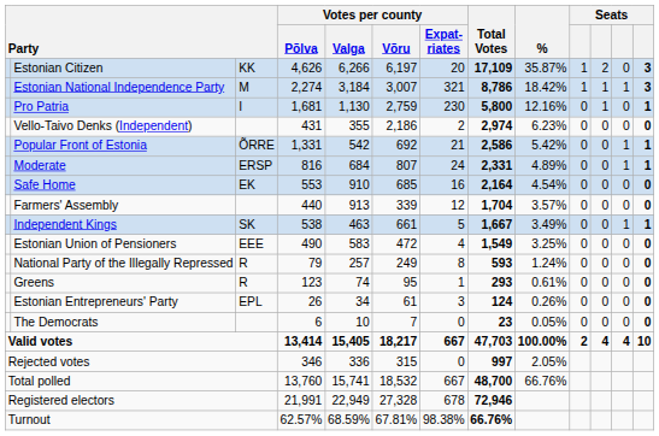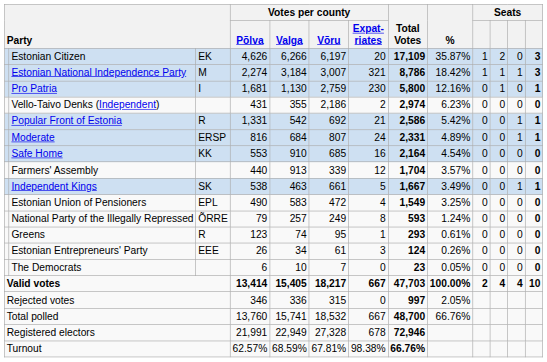 <table class="wikitable" border="1" style="text-align:right;">
 <tr>
 <th style="text-align:left;" valign=bottom rowspan=2 colspan=3>Party</th>
 <th colspan=4>Votes per county</th>
 <th align=center valign=bottom rowspan=2 width="50">Total Votes</th>
 <th align=center valign=bottom rowspan=2 width="50">%</th>
 <th colspan=4>Seats</th>
 </tr>
 <tr>
 <th align=center valign=bottom width="50"><a href='#'>Põlva</a></th>
 <th align=center valign=bottom width="50"><a href='#'>Valga</a></th>
 <th align=center valign=bottom width="50"><a href='#'>Võru</a></th>
 <th align=center valign=bottom width="50"><a href='#'>Expat- riates</a></th>
 <th align=center valign=bottom width="20"><small></small></th>
 <th align=center valign=bottom width="20"><small></small></th>
 <th align=center valign=bottom width="20"><small></small></th>
 <th align=center valign=bottom width="20"><small></small></th>
 </tr>
 <tr style="background:#CEE0F2;">
 <td></td>
 <td align=left>Estonian Citizen</td>
-<td align=left>KK</td>
+<td align=left>EK</td>
 <td>4,626</td>
 <td>6,266</td>
 <td>6,197</td>
 <td>20</td>
 <td><strong>17,109</strong></td>
 <td>35.87%</td>
 <td>1</td>
 <td>2</td>
 <td>0</td>
 <td><strong>3</strong></td>
 </tr>
 <tr style="background:#CEE0F2;">
 <td></td>
 <td align=left><a href='#'>Estonian National Independence Party</a></td>
 <td align=left>M</td>
 <td>2,274</td>
 <td>3,184</td>
 <td>3,007</td>
 <td>321</td>
 <td><strong>8,786</strong></td>
 <td>18.42%</td>
 <td>1</td>
 <td>1</td>
 <td>1</td>
 <td><strong>3</strong></td>
 </tr>
 <tr style="background:#CEE0F2;">
 <td style="background:"></td>
 <td align=left><a href='#'>Pro Patria</a></td>
 <td align=left>I</td>
 <td>1,681</td>
 <td>1,130</td>
 <td>2,759</td>
 <td>230</td>
 <td><strong>5,800</strong></td>
 <td>12.16%</td>
 <td>0</td>
 <td>1</td>
 <td>0</td>
 <td><strong>1</strong></td>
 </tr>
 <tr>
 <td style="background:"></td>
 <td align=left>Vello-Taivo Denks (<a href='#'>Independent</a>)</td>
 <td></td>
 <td>431</td>
 <td>355</td>
 <td>2,186</td>
 <td>2</td>
 <td><strong>2,974</strong></td>
 <td>6.23%</td>
 <td>0</td>
 <td>0</td>
 <td>0</td>
 <td><strong>0</strong></td>
 </tr>
 <tr style="background:#CEE0F2;">
 <td style="background:"></td>
 <td align=left><a href='#'>Popular Front of Estonia</a></td>
-<td align=left>ÕRRE</td>
+<td align=left>R</td>
 <td>1,331</td>
 <td>542</td>
 <td>692</td>
 <td>21</td>
 <td><strong>2,586</strong></td>
 <td>5.42%</td>
 <td>0</td>
 <td>0</td>
 <td>1</td>
 <td><strong>1</strong></td>
 </tr>
 <tr style="background:#CEE0F2;">
 <td style="background:"></td>
 <td align=left><a href='#'>Moderate</a></td>
 <td align=left>ERSP</td>
 <td>816</td>
 <td>684</td>
 <td>807</td>
 <td>24</td>
 <td><strong>2,331</strong></td>
 <td>4.89%</td>
 <td>0</td>
 <td>0</td>
 <td>1</td>
 <td><strong>1</strong></td>
 </tr>
 <tr style="background:#CEE0F2;">
 <td style="background:"></td>
 <td align=left><a href='#'>Safe Home</a></td>
-<td align=left>EK</td>
+<td align=left>KK</td>
 <td>553</td>
 <td>910</td>
 <td>685</td>
 <td>16</td>
 <td><strong>2,164</strong></td>
 <td>4.54%</td>
 <td>0</td>
 <td>0</td>
 <td>0</td>
 <td><strong>0</strong></td>
 </tr>
 <tr>
 <td></td>
 <td align=left>Farmers' Assembly</td>
 <td></td>
 <td>440</td>
 <td>913</td>
 <td>339</td>
 <td>12</td>
 <td><strong>1,704</strong></td>
 <td>3.57%</td>
 <td>0</td>
 <td>0</td>
 <td>0</td>
 <td><strong>0</strong></td>
 </tr>
 <tr style="background:#CEE0F2;">
 <td></td>
 <td align=left><a href='#'>Independent Kings</a></td>
 <td align=left>SK</td>
 <td>538</td>
 <td>463</td>
 <td>661</td>
 <td>5</td>
 <td><strong>1,667</strong></td>
 <td>3.49%</td>
 <td>0</td>
 <td>0</td>
 <td>1</td>
 <td><strong>1</strong></td>
 </tr>
 <tr>
 <td></td>
 <td align=left>Estonian Union of Pensioners</td>
-<td align=left>EEE</td>
+<td align=left>EPL</td>
 <td>490</td>
 <td>583</td>
 <td>472</td>
 <td>4</td>
 <td><strong>1,549</strong></td>
 <td>3.25%</td>
 <td>0</td>
 <td>0</td>
 <td>0</td>
 <td><strong>0</strong></td>
 </tr>
 <tr>
 <td></td>
 <td align=left>National Party of the Illegally Repressed</td>
-<td align=left>R</td>
+<td align=left>ÕRRE</td>
 <td>79</td>
 <td>257</td>
 <td>249</td>
 <td>8</td>
 <td><strong>593</strong></td>
 <td>1.24%</td>
 <td>0</td>
 <td>0</td>
 <td>0</td>
 <td><strong>0</strong></td>
 </tr>
 <tr>
 <td></td>
 <td align=left>Greens</td>
 <td align=left>R</td>
 <td>123</td>
 <td>74</td>
 <td>95</td>
 <td>1</td>
 <td><strong>293</strong></td>
 <td>0.61%</td>
 <td>0</td>
 <td>0</td>
 <td>0</td>
 <td><strong>0</strong></td>
 </tr>
 <tr>
 <td></td>
 <td align=left>Estonian Entrepreneurs' Party</td>
-<td align=left>EPL</td>
+<td align=left>EEE</td>
 <td>26</td>
 <td>34</td>
 <td>61</td>
 <td>3</td>
 <td><strong>124</strong></td>
 <td>0.26%</td>
 <td>0</td>
 <td>0</td>
 <td>0</td>
 <td><strong>0</strong></td>
 </tr>
 <tr>
 <td></td>
 <td align=left>The Democrats</td>
 <td></td>
 <td>6</td>
 <td>10</td>
 <td>7</td>
 <td>0</td>
 <td><strong>23</strong></td>
 <td>0.05%</td>
 <td>0</td>
 <td>0</td>
 <td>0</td>
 <td><strong>0</strong></td>
 </tr>
 <tr style="font-weight:bold">
 <td align=left colspan=3>Valid votes</td>
 <td>13,414</td>
 <td>15,405</td>
 <td>18,217</td>
 <td>667</td>
 <td>47,703</td>
 <td>100.00%</td>
 <td>2</td>
 <td>4</td>
 <td>4</td>
 <td>10</td>
 </tr>
 <tr>
 <td align=left colspan=3>Rejected votes</td>
 <td>346</td>
 <td>336</td>
 <td>315</td>
 <td>0</td>
 <td><strong>997</strong></td>
 <td>2.05%</td>
 <td></td>
 <td></td>
 <td></td>
 <td></td>
 </tr>
 <tr>
 <td align=left colspan=3>Total polled</td>
 <td>13,760</td>
 <td>15,741</td>
 <td>18,532</td>
 <td>667</td>
 <td><strong>48,700</strong></td>
 <td>66.76%</td>
 <td></td>
 <td></td>
 <td></td>
 <td></td>
 </tr>
 <tr>
 <td align=left colspan=3>Registered electors</td>
 <td>21,991</td>
 <td>22,949</td>
 <td>27,328</td>
 <td>678</td>
 <td><strong>72,946</strong></td>
 <td></td>
 <td></td>
 <td></td>
 <td></td>
 <td></td>
 </tr>
 <tr>
 <td align=left colspan=3>Turnout</td>
 <td>62.57%</td>
 <td>68.59%</td>
 <td>67.81%</td>
 <td>98.38%</td>
 <td><strong>66.76%</strong></td>
 <td></td>
 <td></td>
 <td></td>
 <td></td>
 <td></td>
 </tr>
 </table>
